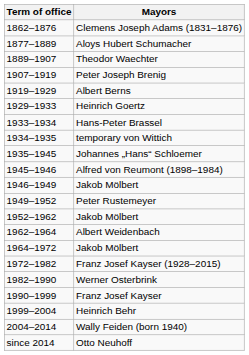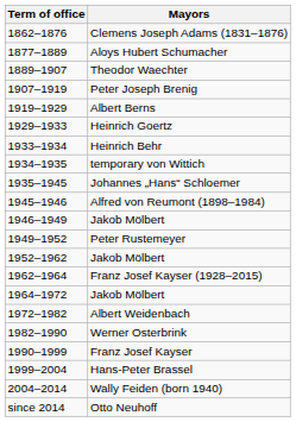 <table class="wikitable zebra">
 <tr>
 <th>Term of office</th>
 <th>Mayors</th>
 </tr>
 <tr>
 <td>1862–1876</td>
 <td>Clemens Joseph Adams (1831–1876)</td>
 </tr>
 <tr>
 <td>1877–1889</td>
 <td>Aloys Hubert Schumacher</td>
 </tr>
 <tr>
 <td>1889–1907</td>
 <td>Theodor Waechter</td>
 </tr>
 <tr>
 <td>1907–1919</td>
 <td>Peter Joseph Brenig</td>
 </tr>
 <tr>
 <td>1919–1929</td>
 <td>Albert Berns</td>
 </tr>
 <tr>
 <td>1929–1933</td>
 <td>Heinrich Goertz</td>
 </tr>
 <tr>
 <td>1933–1934</td>
-<td>Hans-Peter Brassel</td>
+<td>Heinrich Behr</td>
 </tr>
 <tr>
 <td>1934–1935</td>
 <td>temporary von Wittich</td>
 </tr>
 <tr>
 <td>1935–1945</td>
 <td>Johannes „Hans“ Schloemer</td>
 </tr>
 <tr>
 <td>1945–1946</td>
 <td>Alfred von Reumont (1898–1984)</td>
 </tr>
 <tr>
 <td>1946–1949</td>
 <td>Jakob Mölbert</td>
 </tr>
 <tr>
 <td>1949–1952</td>
 <td>Peter Rustemeyer</td>
 </tr>
 <tr>
 <td>1952–1962</td>
 <td>Jakob Mölbert</td>
 </tr>
 <tr>
 <td>1962–1964</td>
-<td>Albert Weidenbach</td>
+<td>Franz Josef Kayser (1928–2015)</td>
 </tr>
 <tr>
 <td>1964–1972</td>
 <td>Jakob Mölbert</td>
 </tr>
 <tr>
 <td>1972–1982</td>
-<td>Franz Josef Kayser (1928–2015)</td>
+<td>Albert Weidenbach</td>
 </tr>
 <tr>
 <td>1982–1990</td>
 <td>Werner Osterbrink</td>
 </tr>
 <tr>
 <td>1990–1999</td>
 <td>Franz Josef Kayser</td>
 </tr>
 <tr>
 <td>1999–2004</td>
-<td>Heinrich Behr</td>
+<td>Hans-Peter Brassel</td>
 </tr>
 <tr>
 <td>2004–2014</td>
 <td>Wally Feiden (born 1940)</td>
 </tr>
 <tr>
 <td>since 2014</td>
 <td>Otto Neuhoff</td>
 </tr>
 </table>
